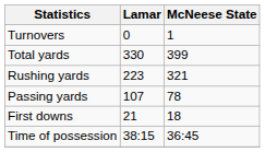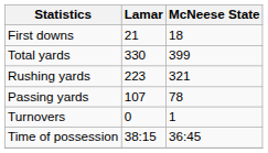 <table class="wikitable">
 <tr>
 <th>Statistics</th>
 <th>Lamar</th>
 <th>McNeese State</th>
 </tr>
 <tr>
-<td>Turnovers</td>
-<td>0</td>
-<td>1</td>
+<td>First downs</td>
+<td>21</td>
+<td>18</td>
 </tr>
 <tr>
 <td>Total yards</td>
 <td>330</td>
 <td>399</td>
 </tr>
 <tr>
 <td>Rushing yards</td>
 <td>223</td>
 <td>321</td>
 </tr>
 <tr>
 <td>Passing yards</td>
 <td>107</td>
 <td>78</td>
 </tr>
 <tr>
-<td>First downs</td>
-<td>21</td>
-<td>18</td>
+<td>Turnovers</td>
+<td>0</td>
+<td>1</td>
 </tr>
 <tr>
 <td>Time of possession</td>
 <td>38:15</td>
 <td>36:45</td>
 </tr>
 <tr>
 </tr>
 </table>
